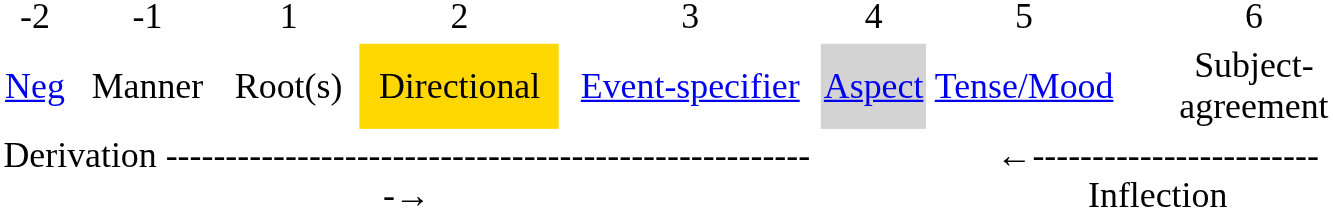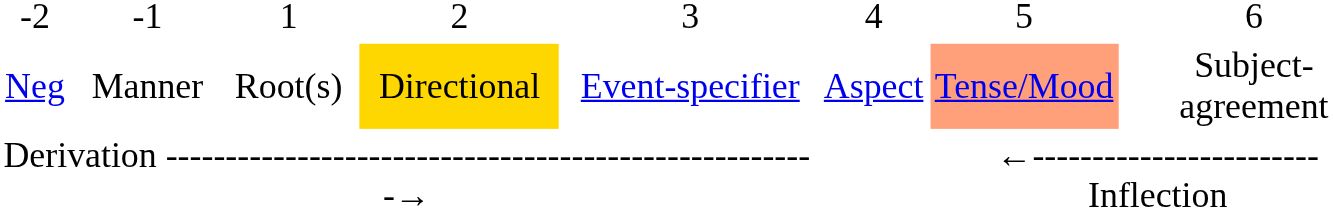 <table style="text-align:center">
 <tr>
 <td>-2</td>
 <td>-1</td>
 <td>1</td>
 <td>2</td>
 <td>3</td>
 <td>4</td>
 <td>5</td>
 <td>6</td>
 </tr>
 <tr>
 <td><a href='#'>Neg</a></td>
 <td>Manner</td>
 <td>Root(s)</td>
 <td style="background: gold;">Directional</td>
 <td><a href='#'>Event-specifier</a></td>
-<td style="background: lightgrey;"><a href='#'>Aspect</a></td>
-<td><a href='#'>Tense/Mood</a></td>
+<td><a href='#'>Aspect</a></td>
+<td style="background: lightsalmon;"><a href='#'>Tense/Mood</a></td>
 <td>Subject-agreement</td>
 </tr>
 <tr>
 <td colspan="5">Derivation -------------------------------------------------------→</td>
 <td></td>
 <td colspan="2">←------------------------ Inflection</td>
 </tr>
 </table>
